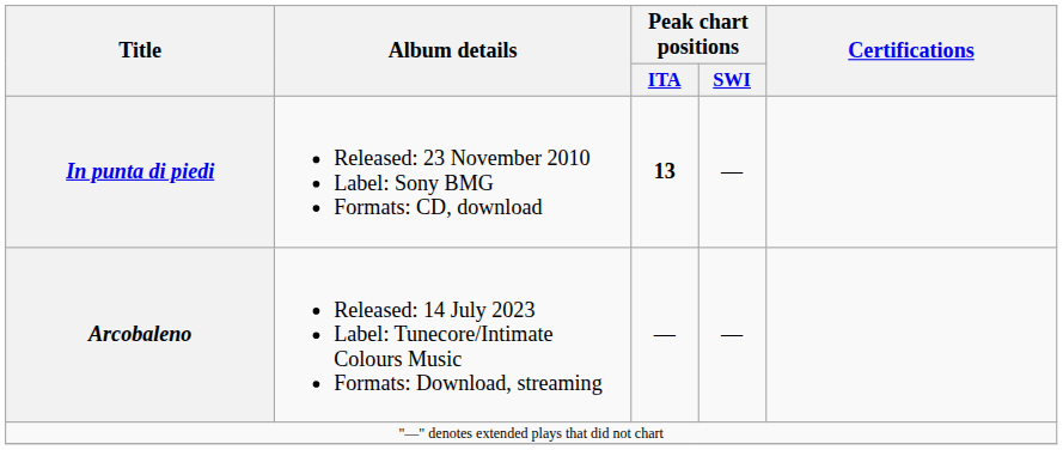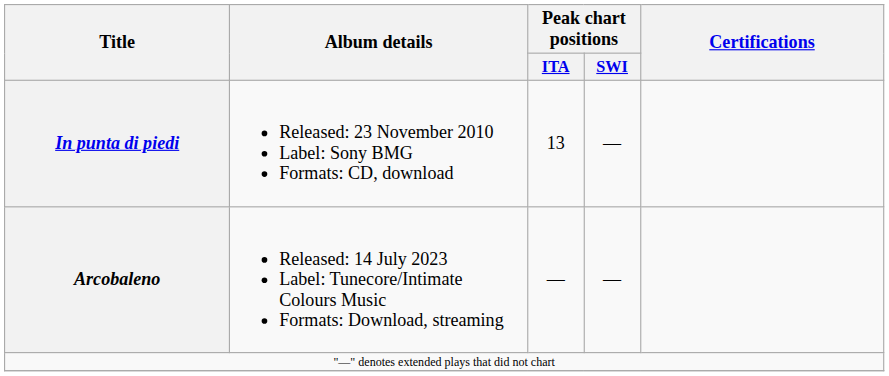 <table class="wikitable plainrowheaders" style="text-align:center;" border="1">
 <tr>
 <th scope="col" rowspan="2" style="width:12em;">Title</th>
 <th scope="col" rowspan="2" style="width:16em;">Album details</th>
 <th scope="col" colspan="2">Peak chart positions</th>
 <th scope="col" rowspan="2" style="width:13em;"><a href='#'>Certifications</a></th>
 </tr>
 <tr>
 <th scope="col" style="width:3em;font-size:90%;"><a href='#'>ITA</a><br></th>
 <th scope="col" style="width:3em;font-size:90%;"><a href='#'>SWI</a><br></th>
 </tr>
 <tr>
 <th scope="row"><em><a href='#'>In punta di piedi</a></em></th>
 <td style="text-align:left;"><br><ul><li>Released: 23 November 2010</li><li>Label: Sony BMG</li><li>Formats: CD, download</li></ul></td>
-<td><strong>13</strong></td>
+<td>13</td>
 <td>—</td>
 <td style="text-align:left;"></td>
 </tr>
 <tr>
 <th scope="row"><em>Arcobaleno</em></th>
 <td style="text-align:left;"><br><ul><li>Released: 14 July 2023</li><li>Label: Tunecore/Intimate Colours Music</li><li>Formats: Download, streaming</li></ul></td>
 <td>—</td>
 <td>—</td>
 <td style="text-align:left;"></td>
 </tr>
 <tr>
 <td align="center" colspan="30" style="font-size:8pt">"—" denotes extended plays that did not chart</td>
 </tr>
 <tr>
 </tr>
 </table>
